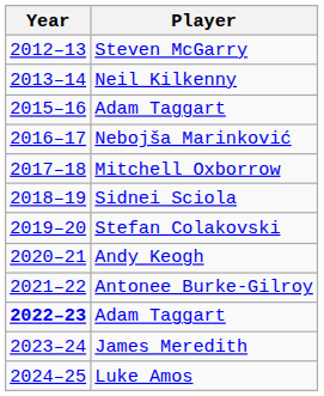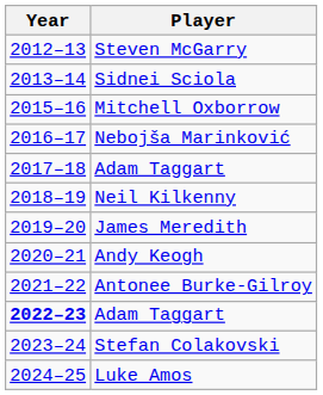 <table class="wikitable">
 <tr>
 <th>Year</th>
 <th>Player</th>
 </tr>
 <tr>
 <td><a href='#'>2012–13</a></td>
 <td> <a href='#'>Steven McGarry</a></td>
 </tr>
 <tr>
 <td><a href='#'>2013–14</a></td>
-<td> <a href='#'>Neil Kilkenny</a></td>
+<td> <a href='#'>Sidnei Sciola</a></td>
 </tr>
 <tr>
 <td><a href='#'>2015–16</a></td>
-<td> <a href='#'>Adam Taggart</a></td>
+<td> <a href='#'>Mitchell Oxborrow</a></td>
 </tr>
 <tr>
 <td><a href='#'>2016–17</a></td>
 <td> <a href='#'>Nebojša Marinković</a></td>
 </tr>
 <tr>
 <td><a href='#'>2017–18</a></td>
-<td> <a href='#'>Mitchell Oxborrow</a></td>
+<td> <a href='#'>Adam Taggart</a></td>
 </tr>
 <tr>
 <td><a href='#'>2018–19</a></td>
-<td> <a href='#'>Sidnei Sciola</a></td>
+<td> <a href='#'>Neil Kilkenny</a></td>
 </tr>
 <tr>
 <td><a href='#'>2019–20</a></td>
-<td> <a href='#'>Stefan Colakovski</a></td>
+<td> <a href='#'>James Meredith</a></td>
 </tr>
 <tr>
 <td><a href='#'>2020–21</a></td>
 <td> <a href='#'>Andy Keogh</a></td>
 </tr>
 <tr>
 <td><a href='#'>2021–22</a></td>
 <td> <a href='#'>Antonee Burke-Gilroy</a></td>
 </tr>
 <tr>
 <td><strong><a href='#'>2022–23</a></strong></td>
 <td> <a href='#'>Adam Taggart</a></td>
 </tr>
 <tr>
 <td><a href='#'>2023–24</a></td>
-<td> <a href='#'>James Meredith</a></td>
+<td> <a href='#'>Stefan Colakovski</a></td>
 </tr>
 <tr>
 <td><a href='#'>2024–25</a></td>
 <td> <a href='#'>Luke Amos</a></td>
 </tr>
 </table>
